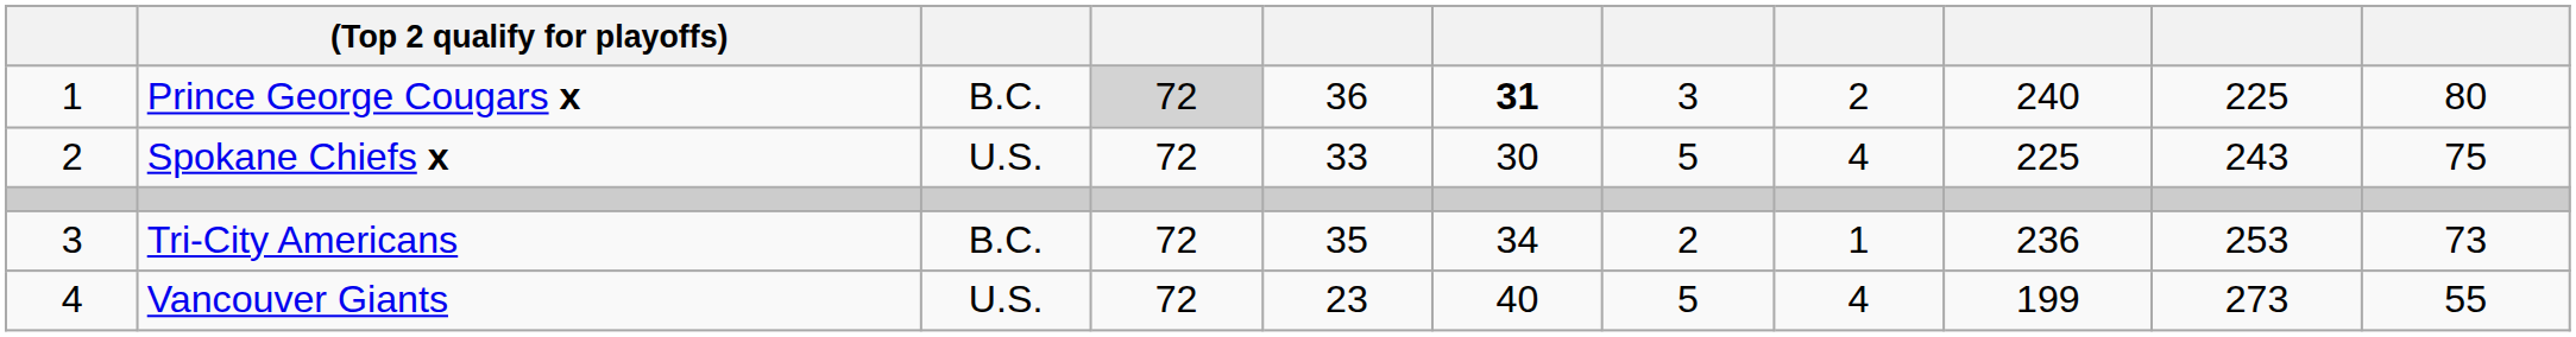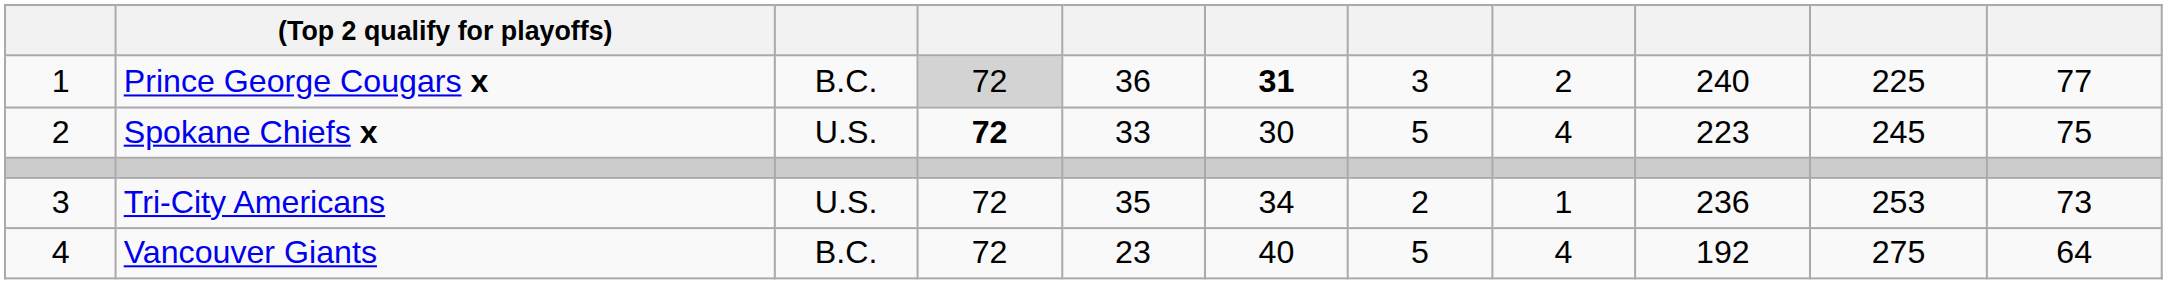 <table class="wikitable sortable">
 <tr>
 <th style="width:3em"></th>
 <th style="width:20em;" class="unsortable"><small>(Top 2 qualify for playoffs)</small></th>
 <th style="width:4em;"></th>
 <th style="width:4em;" class="unsortable"></th>
 <th style="width:4em;"></th>
 <th style="width:4em;"></th>
 <th style="width:4em;"></th>
 <th style="width:4em;"></th>
 <th style="width:5em;"></th>
 <th style="width:5em;"></th>
 <th style="width:5em;"></th>
 </tr>
 <tr style="font-weight: ; text-align: center;">
 <td>1</td>
 <td style="text-align:left;"><a href='#'>Prince George Cougars</a> <strong>x</strong></td>
 <td>B.C.</td>
 <td style="background: lightgrey;">72</td>
 <td>36</td>
 <td><strong>31</strong></td>
 <td>3</td>
 <td>2</td>
 <td>240</td>
 <td>225</td>
-<td>80</td>
+<td>77</td>
 </tr>
 <tr style="font-weight: ; text-align: center;">
 <td>2</td>
 <td style="text-align:left;"><a href='#'>Spokane Chiefs</a> <strong>x</strong></td>
 <td>U.S.</td>
-<td>72</td>
+<td><strong>72</strong></td>
 <td>33</td>
 <td>30</td>
 <td>5</td>
 <td>4</td>
-<td>225</td>
-<td>243</td>
+<td>223</td>
+<td>245</td>
 <td>75</td>
 </tr>
 <tr style="color:#cccccc;background-color:#cccccc">
 <td style="height:2px"></td>
 <td></td>
 <td></td>
 <td></td>
 <td></td>
 <td></td>
 <td></td>
 <td></td>
 <td></td>
 <td></td>
 <td></td>
 </tr>
 <tr style="text-align: center;">
 <td>3</td>
 <td style="text-align:left;"><a href='#'>Tri-City Americans</a></td>
-<td>B.C.</td>
+<td>U.S.</td>
 <td>72</td>
 <td>35</td>
 <td>34</td>
 <td>2</td>
 <td>1</td>
 <td>236</td>
 <td>253</td>
 <td>73</td>
 </tr>
 <tr style="text-align: center;">
 <td>4</td>
 <td style="text-align:left;"><a href='#'>Vancouver Giants</a></td>
-<td>U.S.</td>
+<td>B.C.</td>
 <td>72</td>
 <td>23</td>
 <td>40</td>
 <td>5</td>
 <td>4</td>
-<td>199</td>
-<td>273</td>
-<td>55</td>
+<td>192</td>
+<td>275</td>
+<td>64</td>
 </tr>
 </table>
